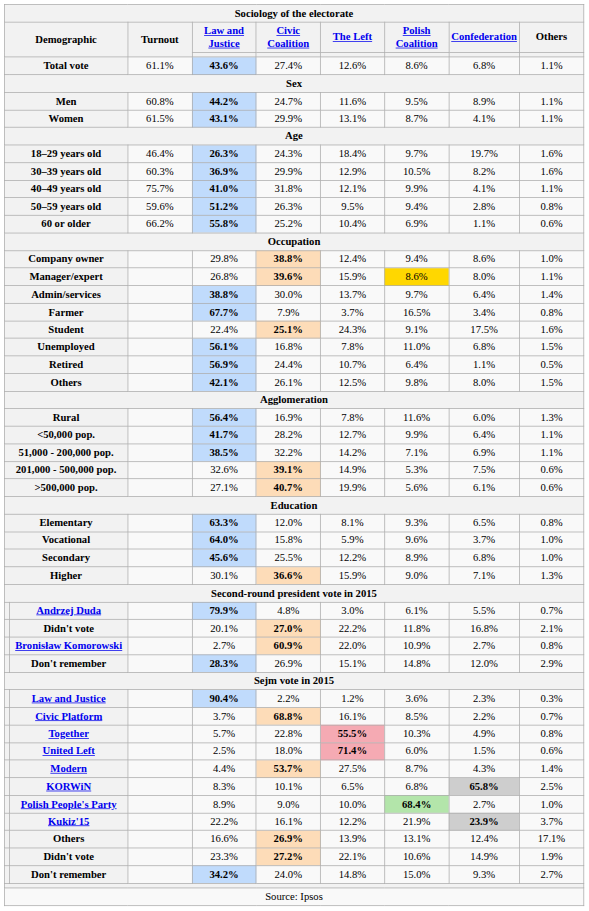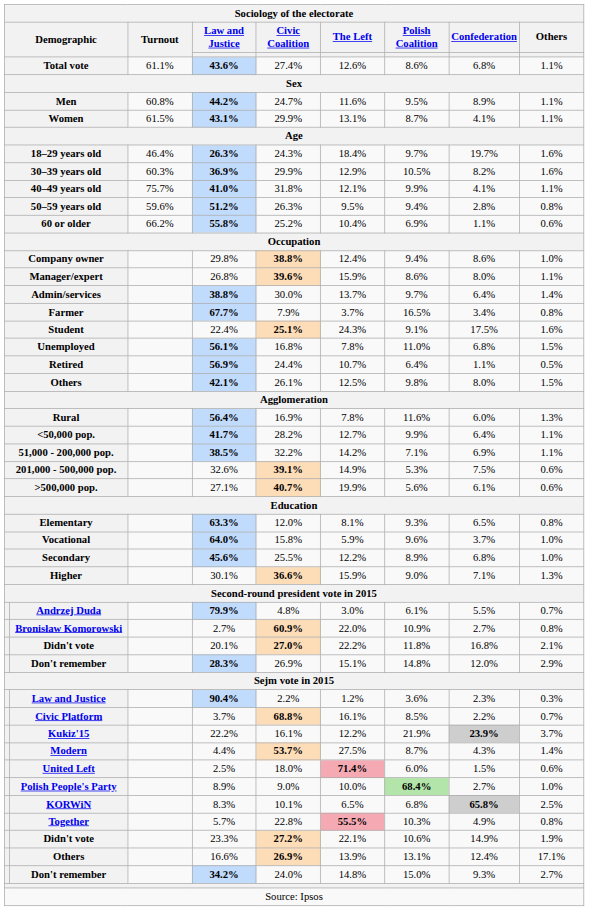 <table class="wikitable" style="font-size:90%;text-align:center;">
 <tr>
 <th colspan="9">Sociology of the electorate</th>
 </tr>
 <tr>
 <th scope="col" colspan="2" rowspan="2" class="unsortable" style="width:160px;">Demographic</th>
 <th scope="col" rowspan="2" style="width:80px;">Turnout</th>
 <th scope="col" style="width:80px;"><a href='#'>Law and Justice</a></th>
 <th scope="col" style="width:80px;"><a href='#'>Civic Coalition</a></th>
 <th scope="col" style="width:80px;"><a href='#'>The Left</a></th>
 <th scope="col" style="width:80px;"><a href='#'>Polish Coalition</a></th>
 <th scope="col" style="width:80px;"><a href='#'>Confederation</a></th>
 <th scope="col" style="width:80px;">Others</th>
 </tr>
 <tr>
 <th style="background:"></th>
 <th style="background:"></th>
 <th style="background:"></th>
 <th style="background:"></th>
 <th style="background:"></th>
 <th style="background:"></th>
 </tr>
 <tr>
 <th colspan="2">Total vote</th>
 <td>61.1%</td>
 <td style="background:#C0DBFC"><strong>43.6%</strong></td>
 <td>27.4%</td>
 <td>12.6%</td>
 <td>8.6%</td>
 <td>6.8%</td>
 <td>1.1%</td>
 </tr>
 <tr>
 <th colspan="9">Sex</th>
 </tr>
 <tr>
 <th colspan="2">Men</th>
 <td>60.8%</td>
 <td style="background:#C0DBFC"><strong>44.2%</strong></td>
 <td>24.7%</td>
 <td>11.6%</td>
 <td>9.5%</td>
 <td>8.9%</td>
 <td>1.1%</td>
 </tr>
 <tr>
 <th colspan="2">Women</th>
 <td>61.5%</td>
 <td style="background:#C0DBFC"><strong>43.1%</strong></td>
 <td>29.9%</td>
 <td>13.1%</td>
 <td>8.7%</td>
 <td>4.1%</td>
 <td>1.1%</td>
 </tr>
 <tr>
 <th colspan="9">Age</th>
 </tr>
 <tr>
 <th colspan="2">18–29 years old</th>
 <td>46.4%</td>
 <td style="background:#C0DBFC"><strong>26.3%</strong></td>
 <td>24.3%</td>
 <td>18.4%</td>
 <td>9.7%</td>
 <td>19.7%</td>
 <td>1.6%</td>
 </tr>
 <tr>
 <th colspan="2">30–39 years old</th>
 <td>60.3%</td>
 <td style="background:#C0DBFC"><strong>36.9%</strong></td>
 <td>29.9%</td>
 <td>12.9%</td>
 <td>10.5%</td>
 <td>8.2%</td>
 <td>1.6%</td>
 </tr>
 <tr>
 <th colspan="2">40–49 years old</th>
 <td>75.7%</td>
 <td style="background:#C0DBFC"><strong>41.0%</strong></td>
 <td>31.8%</td>
 <td>12.1%</td>
 <td>9.9%</td>
 <td>4.1%</td>
 <td>1.1%</td>
 </tr>
 <tr>
 <th colspan="2">50–59 years old</th>
 <td>59.6%</td>
 <td style="background:#C0DBFC"><strong>51.2%</strong></td>
 <td>26.3%</td>
 <td>9.5%</td>
 <td>9.4%</td>
 <td>2.8%</td>
 <td>0.8%</td>
 </tr>
 <tr>
 <th colspan="2">60 or older</th>
 <td>66.2%</td>
 <td style="background:#C0DBFC"><strong>55.8%</strong></td>
 <td>25.2%</td>
 <td>10.4%</td>
 <td>6.9%</td>
 <td>1.1%</td>
 <td>0.6%</td>
 </tr>
 <tr>
 <th colspan="9">Occupation</th>
 </tr>
 <tr>
 <th colspan="2">Company owner</th>
 <td></td>
 <td>29.8%</td>
 <td style="background:#FDDCB8"><strong>38.8%</strong></td>
 <td>12.4%</td>
 <td>9.4%</td>
 <td>8.6%</td>
 <td>1.0%</td>
 </tr>
 <tr>
 <th colspan="2">Manager/expert</th>
 <td></td>
 <td>26.8%</td>
 <td style="background:#FDDCB8"><strong>39.6%</strong></td>
 <td>15.9%</td>
-<td style="background: gold;">8.6%</td>
+<td>8.6%</td>
 <td>8.0%</td>
 <td>1.1%</td>
 </tr>
 <tr>
 <th colspan="2">Admin/services</th>
 <td></td>
 <td style="background:#C0DBFC"><strong>38.8%</strong></td>
 <td>30.0%</td>
 <td>13.7%</td>
 <td>9.7%</td>
 <td>6.4%</td>
 <td>1.4%</td>
 </tr>
 <tr>
 <th colspan="2">Farmer</th>
 <td></td>
 <td style="background:#C0DBFC"><strong>67.7%</strong></td>
 <td>7.9%</td>
 <td>3.7%</td>
 <td>16.5%</td>
 <td>3.4%</td>
 <td>0.8%</td>
 </tr>
 <tr>
 <th colspan="2">Student</th>
 <td></td>
 <td>22.4%</td>
 <td style="background:#FDDCB8"><strong>25.1%</strong></td>
 <td>24.3%</td>
 <td>9.1%</td>
 <td>17.5%</td>
 <td>1.6%</td>
 </tr>
 <tr>
 <th colspan="2">Unemployed</th>
 <td></td>
 <td style="background:#C0DBFC"><strong>56.1%</strong></td>
 <td>16.8%</td>
 <td>7.8%</td>
 <td>11.0%</td>
 <td>6.8%</td>
 <td>1.5%</td>
 </tr>
 <tr>
 <th colspan="2">Retired</th>
 <td></td>
 <td style="background:#C0DBFC"><strong>56.9%</strong></td>
 <td>24.4%</td>
 <td>10.7%</td>
 <td>6.4%</td>
 <td>1.1%</td>
 <td>0.5%</td>
 </tr>
 <tr>
 <th colspan="2">Others</th>
 <td></td>
 <td style="background:#C0DBFC"><strong>42.1%</strong></td>
 <td>26.1%</td>
 <td>12.5%</td>
 <td>9.8%</td>
 <td>8.0%</td>
 <td>1.5%</td>
 </tr>
 <tr>
 <th colspan="9">Agglomeration</th>
 </tr>
 <tr>
 <th colspan="2">Rural</th>
 <td></td>
 <td style="background:#C0DBFC"><strong>56.4%</strong></td>
 <td>16.9%</td>
 <td>7.8%</td>
 <td>11.6%</td>
 <td>6.0%</td>
 <td>1.3%</td>
 </tr>
 <tr>
 <th colspan="2"><50,000 pop.</th>
 <td></td>
 <td style="background:#C0DBFC"><strong>41.7%</strong></td>
 <td>28.2%</td>
 <td>12.7%</td>
 <td>9.9%</td>
 <td>6.4%</td>
 <td>1.1%</td>
 </tr>
 <tr>
 <th colspan="2">51,000 - 200,000 pop.</th>
 <td></td>
 <td style="background:#C0DBFC"><strong>38.5%</strong></td>
 <td>32.2%</td>
 <td>14.2%</td>
 <td>7.1%</td>
 <td>6.9%</td>
 <td>1.1%</td>
 </tr>
 <tr>
 <th colspan="2">201,000 - 500,000 pop.</th>
 <td></td>
 <td>32.6%</td>
 <td style="background:#FDDCB8"><strong>39.1%</strong></td>
 <td>14.9%</td>
 <td>5.3%</td>
 <td>7.5%</td>
 <td>0.6%</td>
 </tr>
 <tr>
 <th colspan="2">>500,000 pop.</th>
 <td></td>
 <td>27.1%</td>
 <td style="background:#FDDCB8"><strong>40.7%</strong></td>
 <td>19.9%</td>
 <td>5.6%</td>
 <td>6.1%</td>
 <td>0.6%</td>
 </tr>
 <tr>
 <th colspan="9">Education</th>
 </tr>
 <tr>
 <th colspan="2">Elementary</th>
 <td></td>
 <td style="background:#C0DBFC"><strong>63.3%</strong></td>
 <td>12.0%</td>
 <td>8.1%</td>
 <td>9.3%</td>
 <td>6.5%</td>
 <td>0.8%</td>
 </tr>
 <tr>
 <th colspan="2">Vocational</th>
 <td></td>
 <td style="background:#C0DBFC"><strong>64.0%</strong></td>
 <td>15.8%</td>
 <td>5.9%</td>
 <td>9.6%</td>
 <td>3.7%</td>
 <td>1.0%</td>
 </tr>
 <tr>
 <th colspan="2">Secondary</th>
 <td></td>
 <td style="background:#C0DBFC"><strong>45.6%</strong></td>
 <td>25.5%</td>
 <td>12.2%</td>
 <td>8.9%</td>
 <td>6.8%</td>
 <td>1.0%</td>
 </tr>
 <tr>
 <th colspan="2">Higher</th>
 <td></td>
 <td>30.1%</td>
 <td style="background:#FDDCB8"><strong>36.6%</strong></td>
 <td>15.9%</td>
 <td>9.0%</td>
 <td>7.1%</td>
 <td>1.3%</td>
 </tr>
 <tr>
 <th colspan="9">Second-round president vote in 2015</th>
 </tr>
 <tr>
 <th style="background:"></th>
 <th><a href='#'>Andrzej Duda</a></th>
 <td></td>
 <td style="background:#C0DBFC"><strong>79.9%</strong></td>
 <td>4.8%</td>
 <td>3.0%</td>
 <td>6.1%</td>
 <td>5.5%</td>
 <td>0.7%</td>
 </tr>
 <tr>
 <th style="background:"></th>
+<th><a href='#'>Bronisław Komorowski</a></th>
+<td></td>
+<td>2.7%</td>
+<td style="background:#FDDCB8"><strong>60.9%</strong></td>
+<td>22.0%</td>
+<td>10.9%</td>
+<td>2.7%</td>
+<td>0.8%</td>
+</tr>
+<tr>
+<th style="background:"></th>
 <th>Didn't vote</th>
 <td></td>
 <td>20.1%</td>
 <td style="background:#FDDCB8"><strong>27.0%</strong></td>
 <td>22.2%</td>
 <td>11.8%</td>
 <td>16.8%</td>
 <td>2.1%</td>
-</tr>
-<tr>
-<th style="background:"></th>
-<th><a href='#'>Bronisław Komorowski</a></th>
-<td></td>
-<td>2.7%</td>
-<td style="background:#FDDCB8"><strong>60.9%</strong></td>
-<td>22.0%</td>
-<td>10.9%</td>
-<td>2.7%</td>
-<td>0.8%</td>
 </tr>
 <tr>
 <th style="background:"></th>
 <th>Don't remember</th>
 <td></td>
 <td style="background:#C0DBFC"><strong>28.3%</strong></td>
 <td>26.9%</td>
 <td>15.1%</td>
 <td>14.8%</td>
 <td>12.0%</td>
 <td>2.9%</td>
 </tr>
 <tr>
 <th colspan="9">Sejm vote in 2015</th>
 </tr>
 <tr>
 <th style="background:"></th>
 <th><a href='#'>Law and Justice</a></th>
 <td></td>
 <td style="background:#C0DBFC"><strong>90.4%</strong></td>
 <td>2.2%</td>
 <td>1.2%</td>
 <td>3.6%</td>
 <td>2.3%</td>
 <td>0.3%</td>
 </tr>
 <tr>
 <th style="background:"></th>
 <th><a href='#'>Civic Platform</a></th>
 <td></td>
 <td>3.7%</td>
 <td style="background:#FDDCB8"><strong>68.8%</strong></td>
 <td>16.1%</td>
 <td>8.5%</td>
 <td>2.2%</td>
 <td>0.7%</td>
 </tr>
 <tr>
 <th style="background:"></th>
-<th><a href='#'>Together</a></th>
+<th><a href='#'>Kukiz'15</a></th>
 <td></td>
-<td>5.7%</td>
-<td>22.8%</td>
-<td style="background:#F5AAB3"><strong>55.5%</strong></td>
-<td>10.3%</td>
-<td>4.9%</td>
-<td>0.8%</td>
+<td>22.2%</td>
+<td>16.1%</td>
+<td>12.2%</td>
+<td>21.9%</td>
+<td style="background:#CECECE"><strong>23.9%</strong></td>
+<td>3.7%</td>
+</tr>
+<tr>
+<th style="background:"></th>
+<th><a href='#'>Modern</a></th>
+<td></td>
+<td>4.4%</td>
+<td style="background:#FDDCB8"><strong>53.7%</strong></td>
+<td>27.5%</td>
+<td>8.7%</td>
+<td>4.3%</td>
+<td>1.4%</td>
 </tr>
 <tr>
 <th style="background:"></th>
 <th><a href='#'>United Left</a></th>
 <td></td>
 <td>2.5%</td>
 <td>18.0%</td>
 <td style="background:#F5AAB3"><strong>71.4%</strong></td>
 <td>6.0%</td>
 <td>1.5%</td>
 <td>0.6%</td>
 </tr>
 <tr>
 <th style="background:"></th>
-<th><a href='#'>Modern</a></th>
+<th><a href='#'>Polish People's Party</a></th>
 <td></td>
-<td>4.4%</td>
-<td style="background:#FDDCB8"><strong>53.7%</strong></td>
-<td>27.5%</td>
-<td>8.7%</td>
-<td>4.3%</td>
-<td>1.4%</td>
+<td>8.9%</td>
+<td>9.0%</td>
+<td>10.0%</td>
+<td style="background:#B3E5AA"><strong>68.4%</strong></td>
+<td>2.7%</td>
+<td>1.0%</td>
 </tr>
 <tr>
 <th style="background:"></th>
 <th><a href='#'>KORWiN</a></th>
 <td></td>
 <td>8.3%</td>
 <td>10.1%</td>
 <td>6.5%</td>
 <td>6.8%</td>
 <td style="background:#CECECE"><strong>65.8%</strong></td>
 <td>2.5%</td>
 </tr>
 <tr>
 <th style="background:"></th>
-<th><a href='#'>Polish People's Party</a></th>
+<th><a href='#'>Together</a></th>
 <td></td>
-<td>8.9%</td>
-<td>9.0%</td>
-<td>10.0%</td>
-<td style="background:#B3E5AA"><strong>68.4%</strong></td>
-<td>2.7%</td>
-<td>1.0%</td>
+<td>5.7%</td>
+<td>22.8%</td>
+<td style="background:#F5AAB3"><strong>55.5%</strong></td>
+<td>10.3%</td>
+<td>4.9%</td>
+<td>0.8%</td>
 </tr>
 <tr>
 <th style="background:"></th>
-<th><a href='#'>Kukiz'15</a></th>
+<th>Didn't vote</th>
 <td></td>
-<td>22.2%</td>
-<td>16.1%</td>
-<td>12.2%</td>
-<td>21.9%</td>
-<td style="background:#CECECE"><strong>23.9%</strong></td>
-<td>3.7%</td>
+<td>23.3%</td>
+<td style="background:#FDDCB8"><strong>27.2%</strong></td>
+<td>22.1%</td>
+<td>10.6%</td>
+<td>14.9%</td>
+<td>1.9%</td>
 </tr>
 <tr>
 <th style="background:"></th>
 <th>Others</th>
 <td></td>
 <td>16.6%</td>
 <td style="background:#FDDCB8"><strong>26.9%</strong></td>
 <td>13.9%</td>
 <td>13.1%</td>
 <td>12.4%</td>
 <td>17.1%</td>
-</tr>
-<tr>
-<th style="background:"></th>
-<th>Didn't vote</th>
-<td></td>
-<td>23.3%</td>
-<td style="background:#FDDCB8"><strong>27.2%</strong></td>
-<td>22.1%</td>
-<td>10.6%</td>
-<td>14.9%</td>
-<td>1.9%</td>
 </tr>
 <tr>
 <th style="background:"></th>
 <th>Don't remember</th>
 <td></td>
 <td style="background:#C0DBFC"><strong>34.2%</strong></td>
 <td>24.0%</td>
 <td>14.8%</td>
 <td>15.0%</td>
 <td>9.3%</td>
 <td>2.7%</td>
 </tr>
 <tr>
 <th colspan="9"></th>
 </tr>
 <tr>
 <td colspan="9">Source: Ipsos</td>
 </tr>
 </table>
